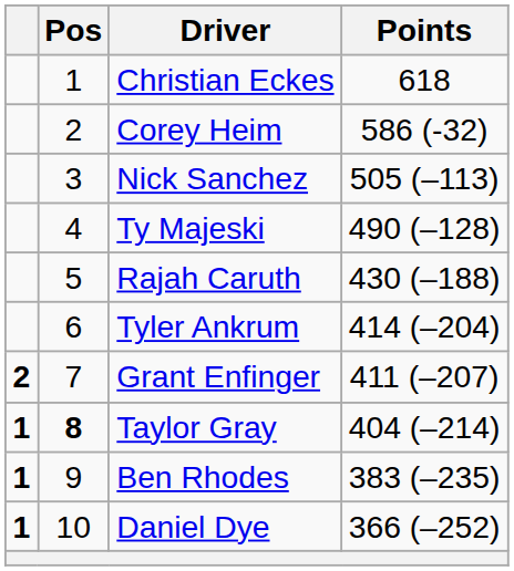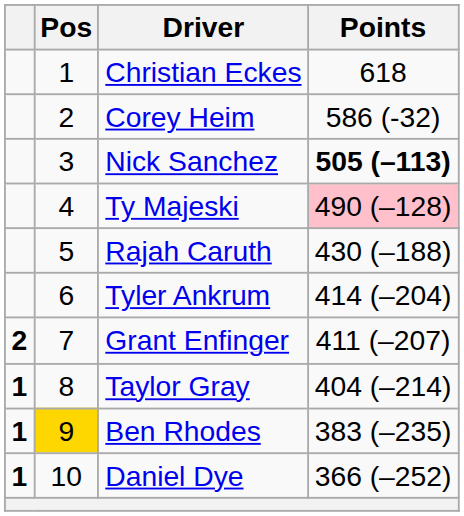 <table class="wikitable" style="font-size: 95%;">
 <tr>
 <th></th>
 <th>Pos</th>
 <th>Driver</th>
 <th>Points</th>
 </tr>
 <tr>
 <td align="left"></td>
 <td style="text-align:center;">1</td>
 <td><a href='#'>Christian Eckes</a></td>
 <td style="text-align:center;">618</td>
 </tr>
 <tr>
 <td align="left"></td>
 <td style="text-align:center;">2</td>
 <td><a href='#'>Corey Heim</a></td>
 <td style="text-align:center;">586 (-32)</td>
 </tr>
 <tr>
 <td align="left"></td>
 <td style="text-align:center;">3</td>
 <td><a href='#'>Nick Sanchez</a></td>
-<td style="text-align:center;">505 (–113)</td>
+<td style="text-align:center;"><strong>505 (–113)</strong></td>
 </tr>
 <tr>
 <td align="left"></td>
 <td style="text-align:center;">4</td>
 <td><a href='#'>Ty Majeski</a></td>
-<td style="text-align:center;">490 (–128)</td>
+<td style="background: pink; text-align:center;">490 (–128)</td>
 </tr>
 <tr>
 <td align="left"></td>
 <td style="text-align:center;">5</td>
 <td><a href='#'>Rajah Caruth</a></td>
 <td style="text-align:center;">430 (–188)</td>
 </tr>
 <tr>
 <td align="left"></td>
 <td style="text-align:center;">6</td>
 <td><a href='#'>Tyler Ankrum</a></td>
 <td style="text-align:center;">414 (–204)</td>
 </tr>
 <tr>
 <td align="left"> <strong>2</strong></td>
 <td style="text-align:center;">7</td>
 <td><a href='#'>Grant Enfinger</a></td>
 <td style="text-align:center;">411 (–207)</td>
 </tr>
 <tr>
 <td align="left"> <strong>1</strong></td>
-<td style="text-align:center;"><strong>8</strong></td>
+<td style="text-align:center;">8</td>
 <td><a href='#'>Taylor Gray</a></td>
 <td style="text-align:center;">404 (–214)</td>
 </tr>
 <tr>
 <td align="left"> <strong>1</strong></td>
-<td style="text-align:center;">9</td>
+<td style="background: gold; text-align:center;">9</td>
 <td><a href='#'>Ben Rhodes</a></td>
 <td style="text-align:center;">383 (–235)</td>
 </tr>
 <tr>
 <td align="left"> <strong>1</strong></td>
 <td style="text-align:center;">10</td>
 <td><a href='#'>Daniel Dye</a></td>
 <td style="text-align:center;">366 (–252)</td>
 </tr>
 <tr class="sortbottom">
 <th colspan="9"></th>
 </tr>
 </table>
